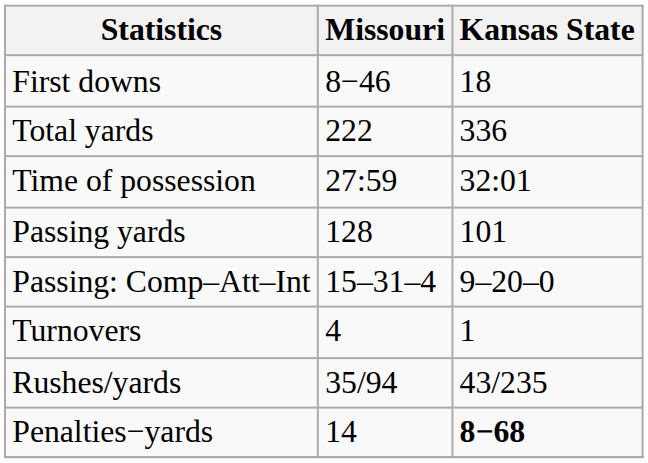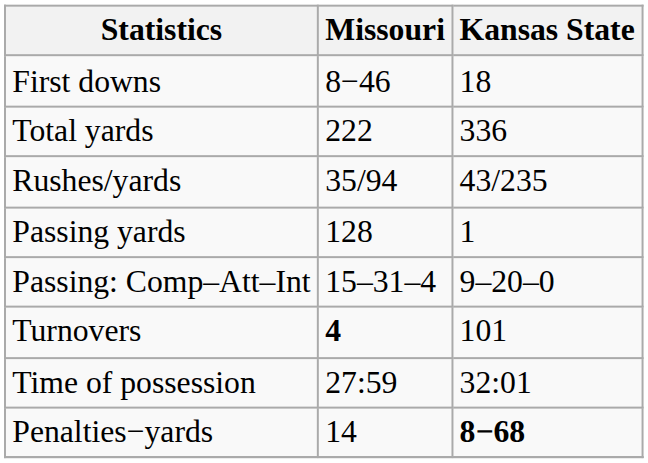 <table class="wikitable" style="float: left;">
 <tr>
 <th>Statistics</th>
 <th>Missouri</th>
 <th>Kansas State</th>
 </tr>
 <tr>
 <td>First downs</td>
 <td>8−46</td>
 <td>18</td>
 </tr>
 <tr>
 <td>Total yards</td>
 <td>222</td>
 <td>336</td>
 </tr>
 <tr>
-<td>Time of possession</td>
-<td>27:59</td>
-<td>32:01</td>
+<td>Rushes/yards</td>
+<td>35/94</td>
+<td>43/235</td>
 </tr>
 <tr>
 <td>Passing yards</td>
 <td>128</td>
-<td>101</td>
+<td>1</td>
 </tr>
 <tr>
 <td>Passing: Comp–Att–Int</td>
 <td>15–31–4</td>
 <td>9–20–0</td>
 </tr>
 <tr>
 <td>Turnovers</td>
-<td>4</td>
-<td>1</td>
+<td><strong>4</strong></td>
+<td>101</td>
 </tr>
 <tr>
-<td>Rushes/yards</td>
-<td>35/94</td>
-<td>43/235</td>
+<td>Time of possession</td>
+<td>27:59</td>
+<td>32:01</td>
 </tr>
 <tr>
 <td>Penalties−yards</td>
 <td>14</td>
 <td><strong>8−68</strong></td>
 </tr>
 <tr>
 </tr>
 </table>
